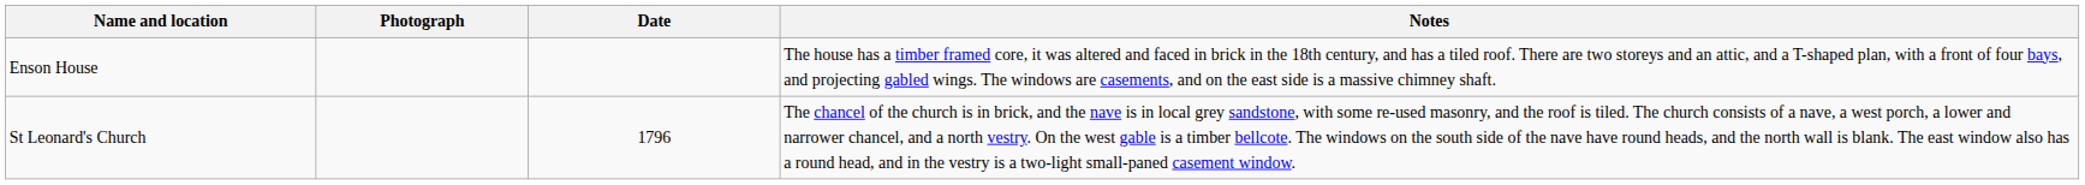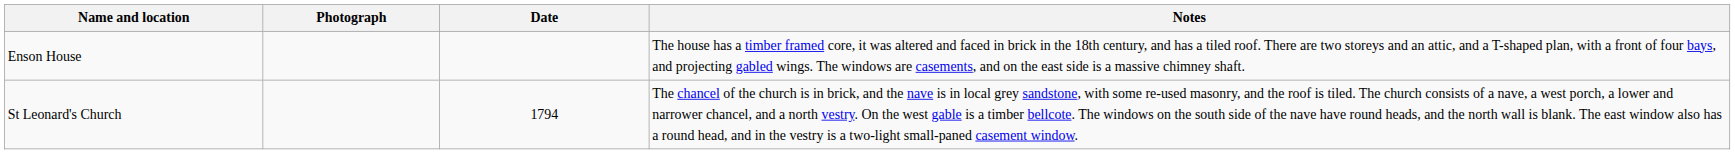 <table class="wikitable sortable plainrowheaders" style="width:100%;border:0px;text-align:left;line-height:150%;">
 <tr>
 <th scope="col"  style="width:150px">Name and location</th>
 <th scope="col"  style="width:100px" class="unsortable">Photograph</th>
 <th scope="col"  style="width:120px">Date</th>
 <th scope="col"  style="width:650px" class="unsortable">Notes</th>
 </tr>
 <tr>
 <td>Enson House<br><small></small></td>
 <td></td>
 <td align="center"></td>
 <td>The house has a <a href='#'>timber framed</a> core, it was altered and faced in brick in the 18th century, and has a tiled roof.  There are two storeys and an attic, and a T-shaped plan, with a front of four <a href='#'>bays</a>, and projecting <a href='#'>gabled</a> wings.  The windows are <a href='#'>casements</a>, and on the east side is a massive chimney shaft.</td>
 </tr>
 <tr>
 <td>St Leonard's Church<br><small></small></td>
 <td></td>
-<td align="center">1796</td>
+<td align="center">1794</td>
 <td>The <a href='#'>chancel</a> of the church is in brick, and the <a href='#'>nave</a> is in local grey <a href='#'>sandstone</a>, with some re-used masonry, and the roof is tiled.  The church consists of a nave, a west porch, a lower and narrower chancel, and a north <a href='#'>vestry</a>.  On the west <a href='#'>gable</a> is a timber <a href='#'>bellcote</a>.  The windows on the south side of the nave have round heads, and the north wall is blank.  The east window also has a round head, and in the vestry is a two-light small-paned <a href='#'>casement window</a>.</td>
 </tr>
 <tr>
 </tr>
 </table>
